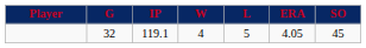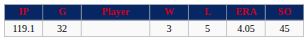 <table class="wikitable sortable">
 <tr>
+<th style="background:#072764;color:#c6011f;" width="9%">IP</th>
+<th style="background:#072764;color:#c6011f;" width="9%">G</th>
 <th style="background:#072764;color:#c6011f;" width="16%">Player</th>
-<th style="background:#072764;color:#c6011f;" width="9%">G</th>
-<th style="background:#072764;color:#c6011f;" width="9%">IP</th>
 <th style="background:#072764;color:#c6011f;" width="9%">W</th>
 <th style="background:#072764;color:#c6011f;" width="9%">L</th>
 <th style="background:#072764;color:#c6011f;" width="9%">ERA</th>
 <th style="background:#072764;color:#c6011f;" width="9%">SO</th>
 </tr>
 <tr align="center">
+<td>119.1</td>
+<td>32</td>
 <td></td>
-<td>32</td>
-<td>119.1</td>
-<td>4</td>
+<td>3</td>
 <td>5</td>
 <td>4.05</td>
 <td>45</td>
 </tr>
 </table>
